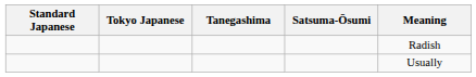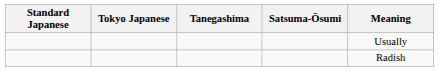 <table class="wikitable" style="table-layout:fixed; text-align:center; width:650px; margin:15px;">
 <tr>
 <th>Standard Japanese</th>
 <th>Tokyo Japanese</th>
 <th>Tanegashima</th>
 <th>Satsuma-Ōsumi</th>
 <th>Meaning</th>
 </tr>
 <tr>
 <td></td>
 <td></td>
 <td></td>
 <td></td>
-<td>Radish</td>
+<td>Usually</td>
 </tr>
 <tr>
 <td></td>
 <td></td>
 <td></td>
 <td></td>
-<td>Usually</td>
+<td>Radish</td>
 </tr>
 </table>
